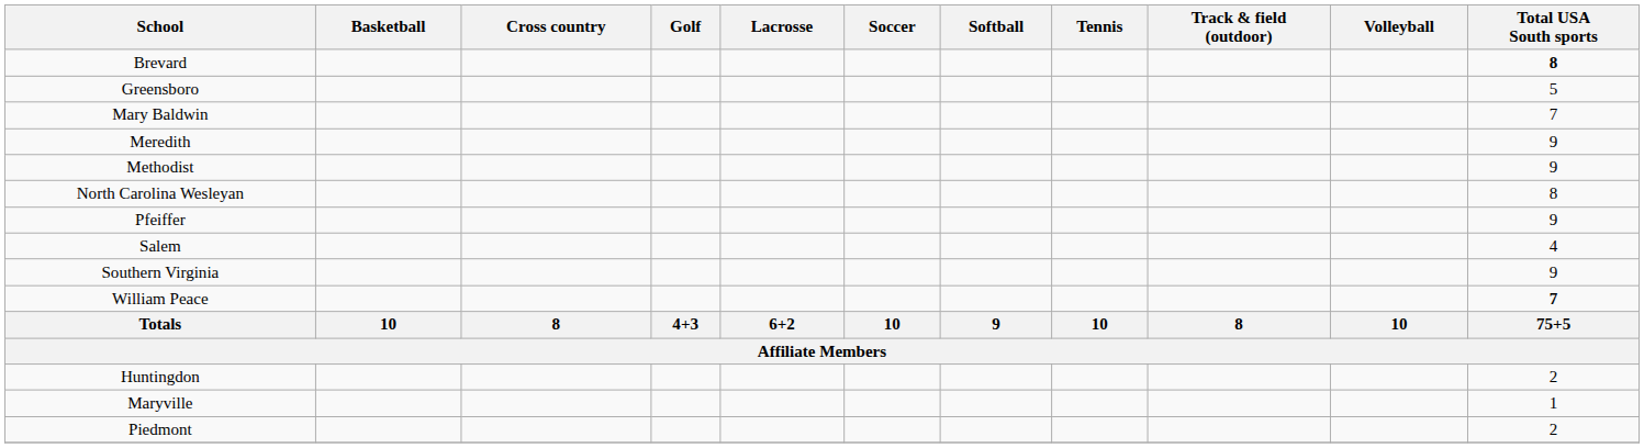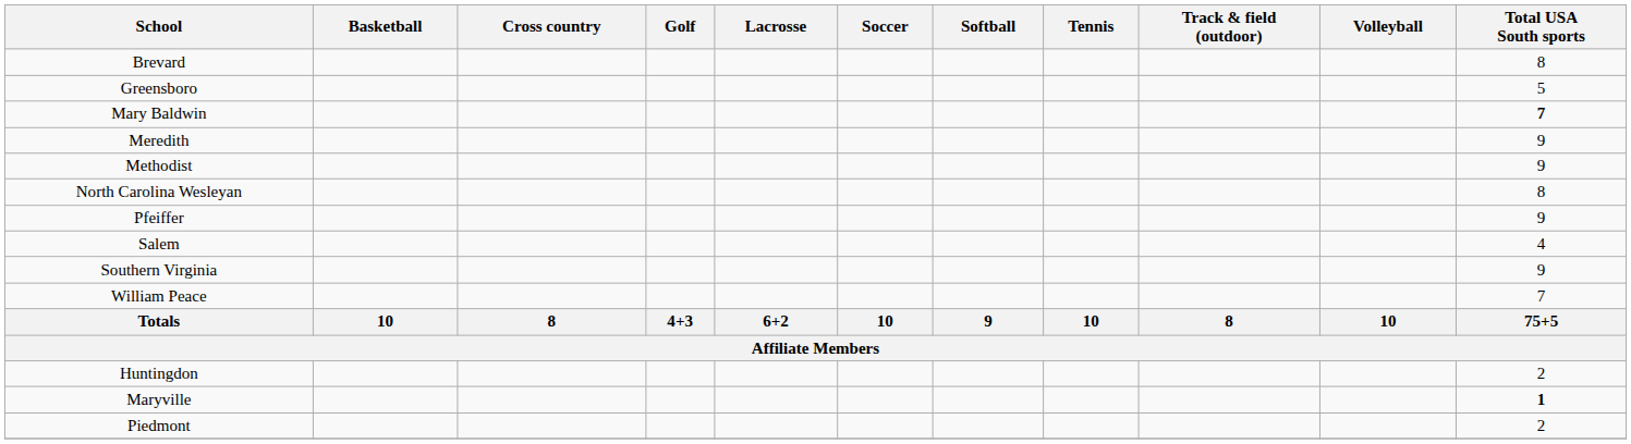 <table class="wikitable" style="text-align:center; width:100%">
 <tr>
 <th>School</th>
 <th>Basketball</th>
 <th>Cross country</th>
 <th>Golf</th>
 <th>Lacrosse</th>
 <th>Soccer</th>
 <th>Softball</th>
 <th>Tennis</th>
 <th>Track & field<br>(outdoor)</th>
 <th>Volleyball</th>
 <th>Total USA<br>South sports</th>
 </tr>
 <tr>
 <td>Brevard</td>
 <td></td>
 <td></td>
 <td></td>
 <td></td>
 <td></td>
 <td></td>
 <td></td>
 <td></td>
 <td></td>
-<td><strong>8</strong></td>
+<td>8</td>
 </tr>
 <tr>
 <td>Greensboro</td>
 <td></td>
 <td></td>
 <td></td>
 <td></td>
 <td></td>
 <td></td>
 <td></td>
 <td></td>
 <td></td>
 <td>5</td>
 </tr>
 <tr>
 <td>Mary Baldwin</td>
 <td></td>
 <td></td>
 <td></td>
 <td></td>
 <td></td>
 <td></td>
 <td></td>
 <td></td>
 <td></td>
-<td>7</td>
+<td><strong>7</strong></td>
 </tr>
 <tr>
 <td>Meredith</td>
 <td></td>
 <td></td>
 <td></td>
 <td></td>
 <td></td>
 <td></td>
 <td></td>
 <td></td>
 <td></td>
 <td>9</td>
 </tr>
 <tr>
 <td>Methodist</td>
 <td></td>
 <td></td>
 <td></td>
 <td></td>
 <td></td>
 <td></td>
 <td></td>
 <td></td>
 <td></td>
 <td>9</td>
 </tr>
 <tr>
 <td>North Carolina Wesleyan</td>
 <td></td>
 <td></td>
 <td></td>
 <td></td>
 <td></td>
 <td></td>
 <td></td>
 <td></td>
 <td></td>
 <td>8</td>
 </tr>
 <tr>
 <td>Pfeiffer</td>
 <td></td>
 <td></td>
 <td></td>
 <td></td>
 <td></td>
 <td></td>
 <td></td>
 <td></td>
 <td></td>
 <td>9</td>
 </tr>
 <tr>
 <td>Salem</td>
 <td></td>
 <td></td>
 <td></td>
 <td></td>
 <td></td>
 <td></td>
 <td></td>
 <td></td>
 <td></td>
 <td>4</td>
 </tr>
 <tr>
 <td>Southern Virginia</td>
 <td></td>
 <td></td>
 <td></td>
 <td></td>
 <td></td>
 <td></td>
 <td></td>
 <td></td>
 <td></td>
 <td>9</td>
 </tr>
 <tr>
 <td>William Peace</td>
 <td></td>
 <td></td>
 <td></td>
 <td></td>
 <td></td>
 <td></td>
 <td></td>
 <td></td>
 <td></td>
-<td><strong>7</strong></td>
+<td>7</td>
 </tr>
 <tr>
 <th>Totals</th>
 <th>10</th>
 <th>8</th>
 <th>4+3</th>
 <th>6+2</th>
 <th>10</th>
 <th>9</th>
 <th>10</th>
 <th>8</th>
 <th>10</th>
 <th>75+5</th>
 </tr>
 <tr>
 <th colspan="12">Affiliate Members</th>
 </tr>
 <tr>
 <td>Huntingdon</td>
 <td></td>
 <td></td>
 <td></td>
 <td></td>
 <td></td>
 <td></td>
 <td></td>
 <td></td>
 <td></td>
 <td>2</td>
 </tr>
 <tr>
 <td>Maryville</td>
 <td></td>
 <td></td>
 <td></td>
 <td></td>
 <td></td>
 <td></td>
 <td></td>
 <td></td>
 <td></td>
-<td>1</td>
+<td><strong>1</strong></td>
 </tr>
 <tr>
 <td>Piedmont</td>
 <td></td>
 <td></td>
 <td></td>
 <td></td>
 <td></td>
 <td></td>
 <td></td>
 <td></td>
 <td></td>
 <td>2</td>
 </tr>
 <tr>
 </tr>
 </table>
